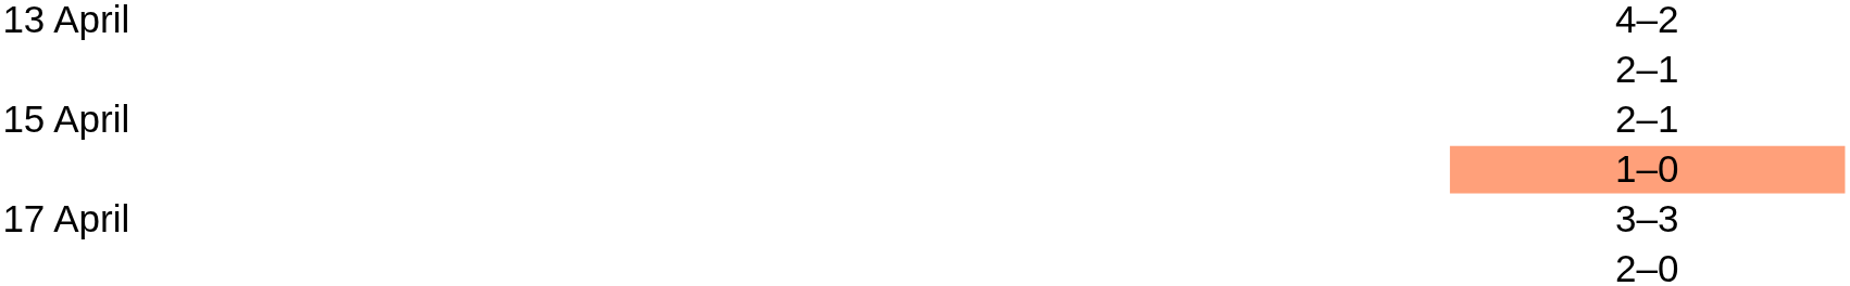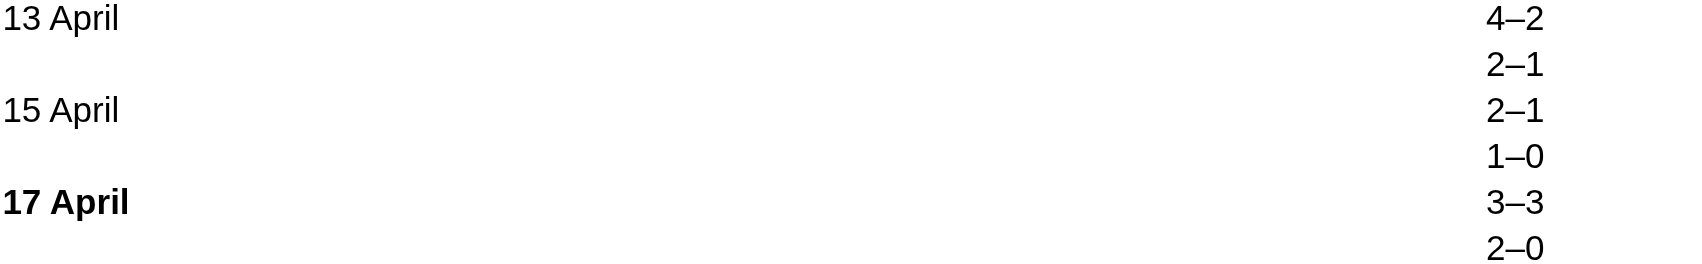 <table cellspacing=1 width=70%>
 <tr>
 <th width=25%></th>
 <th width=30%></th>
 <th width=15%></th>
 <th width=30%></th>
 </tr>
 <tr>
 <td>13 April</td>
 <td align=right></td>
 <td align=center>4–2</td>
 <td></td>
 </tr>
 <tr>
 <td></td>
 <td align=right></td>
 <td align=center>2–1</td>
 <td></td>
 </tr>
 <tr>
 <td>15 April</td>
 <td align=right></td>
 <td align=center>2–1</td>
 <td></td>
 </tr>
 <tr>
 <td></td>
 <td align=right></td>
-<td align=center style="background: lightsalmon;">1–0</td>
+<td align=center>1–0</td>
 <td></td>
 </tr>
 <tr>
-<td>17 April</td>
+<td><strong>17 April</strong></td>
 <td align=right></td>
 <td align=center>3–3</td>
 <td></td>
 </tr>
 <tr>
 <td></td>
 <td align=right></td>
 <td align=center>2–0</td>
 <td></td>
 </tr>
 </table>
